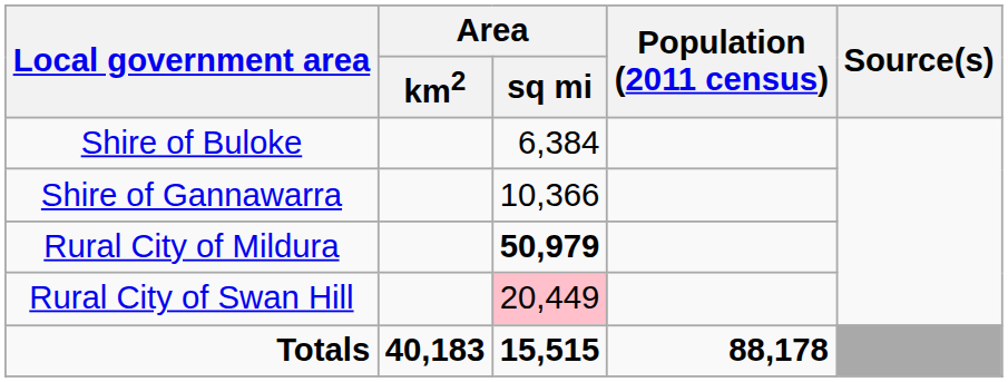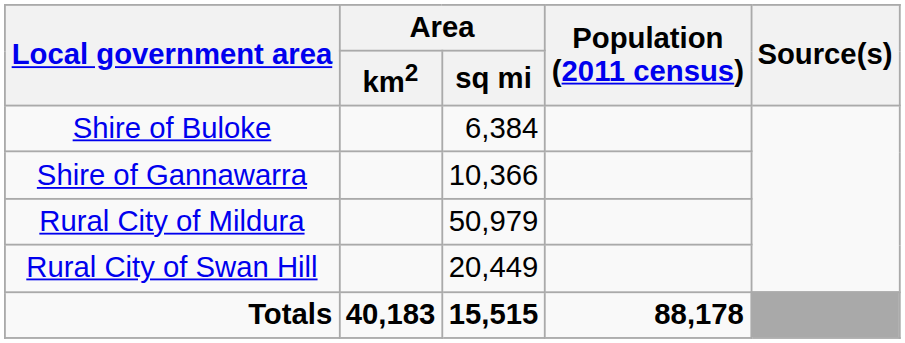 <table class="wikitable sortable plainrowheaders" style="text-align:center;">
 <tr>
 <th scope="col" rowspan="2"><a href='#'>Local government area</a></th>
 <th scope="col" colspan="2">Area</th>
 <th scope="col" rowspan="2">Population<br>(<a href='#'>2011 census</a>)</th>
 <th scope="col" rowspan="2">Source(s)</th>
 </tr>
 <tr>
 <th scope="col">km<sup>2</sup></th>
 <th scope="col">sq mi</th>
 </tr>
 <tr>
 <td scope="row"><a href='#'>Shire of Buloke</a> </td>
 <td></td>
 <td align="right">6,384</td>
 <td></td>
 </tr>
 <tr>
 <td scope="row"><a href='#'>Shire of Gannawarra</a></td>
 <td></td>
 <td align="right">10,366</td>
 <td></td>
 </tr>
 <tr>
 <td scope="row"><a href='#'>Rural City of Mildura</a></td>
 <td></td>
-<td align="right"><strong>50,979</strong></td>
+<td align="right">50,979</td>
 <td></td>
 </tr>
 <tr>
 <td scope="row"><a href='#'>Rural City of Swan Hill</a></td>
 <td></td>
-<td align="right" style="background: pink;">20,449</td>
+<td align="right">20,449</td>
 <td></td>
 </tr>
 <tr>
 <td scope="row" align="right"><strong>Totals</strong></td>
 <td align="right"><strong>40,183</strong></td>
 <td align="right"><strong>15,515</strong></td>
 <td align="right"><strong>88,178</strong></td>
 <td style="background:darkgrey;"></td>
 </tr>
 </table>
